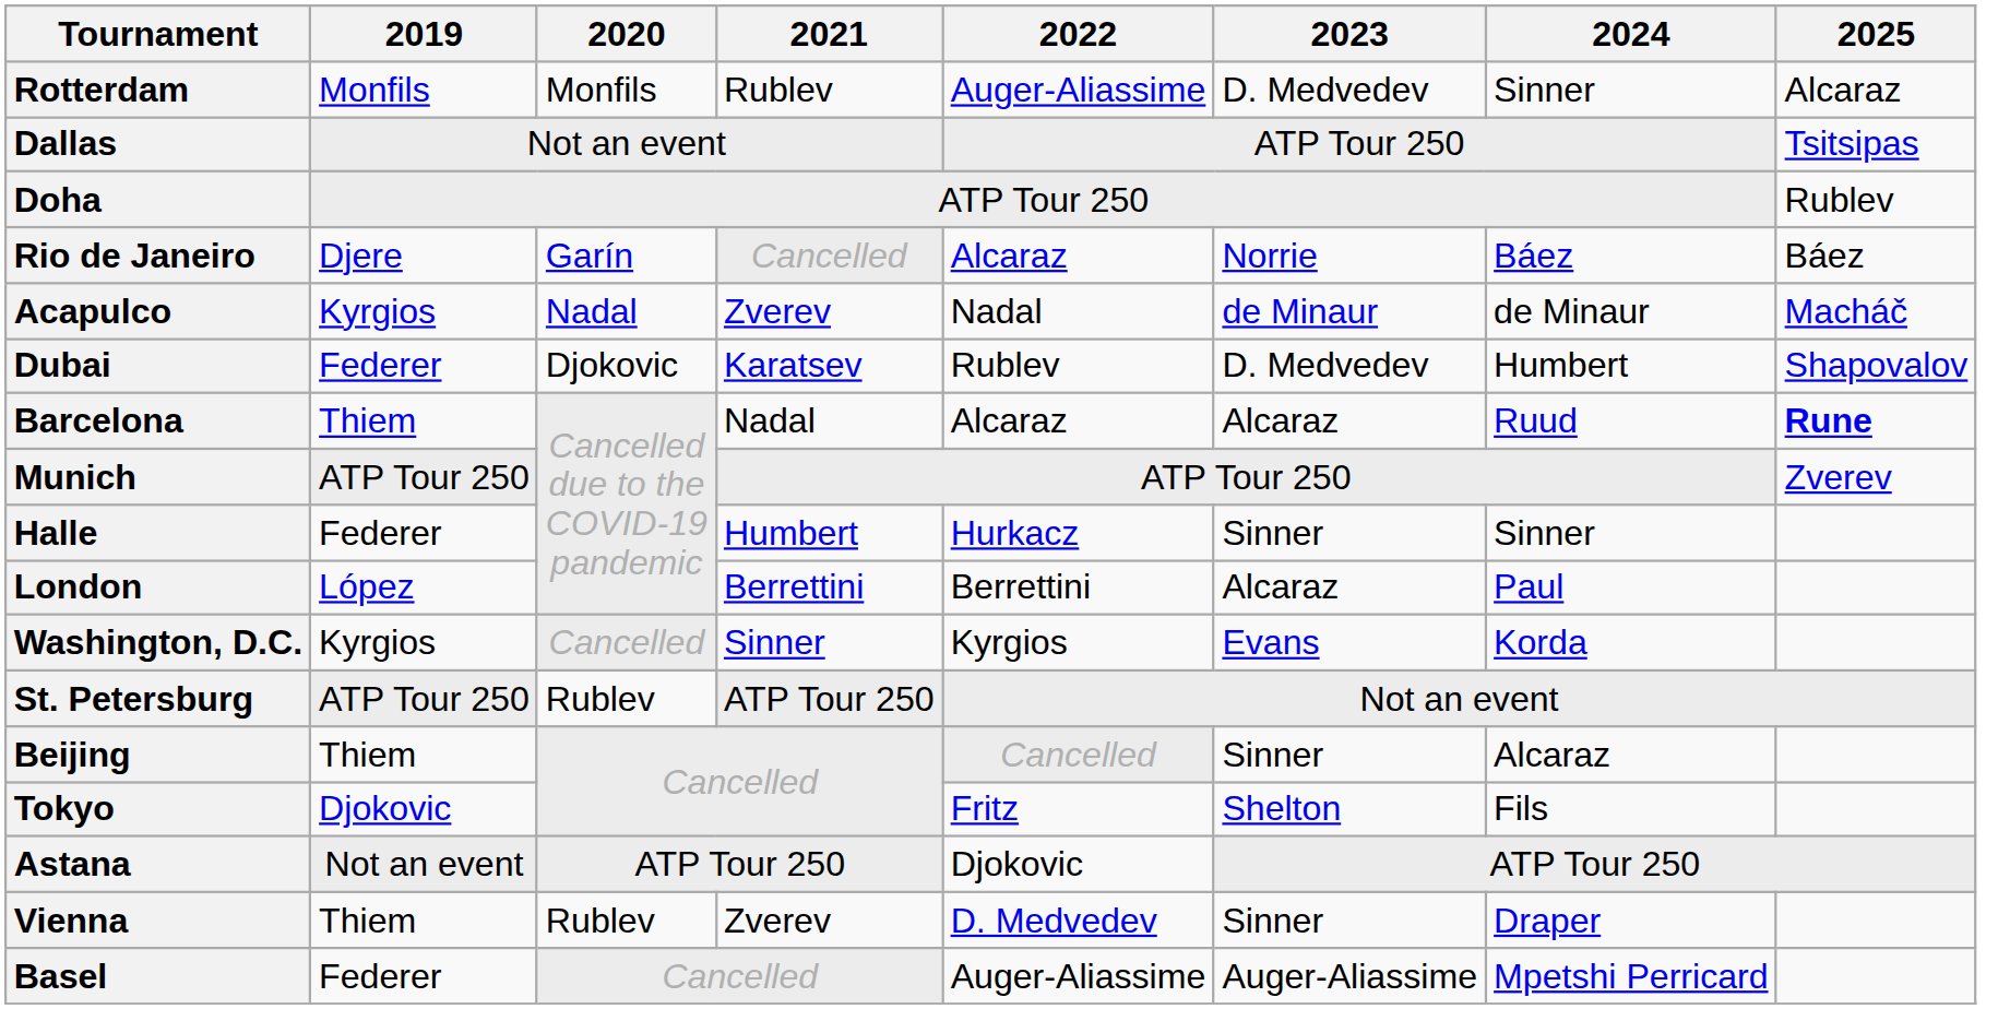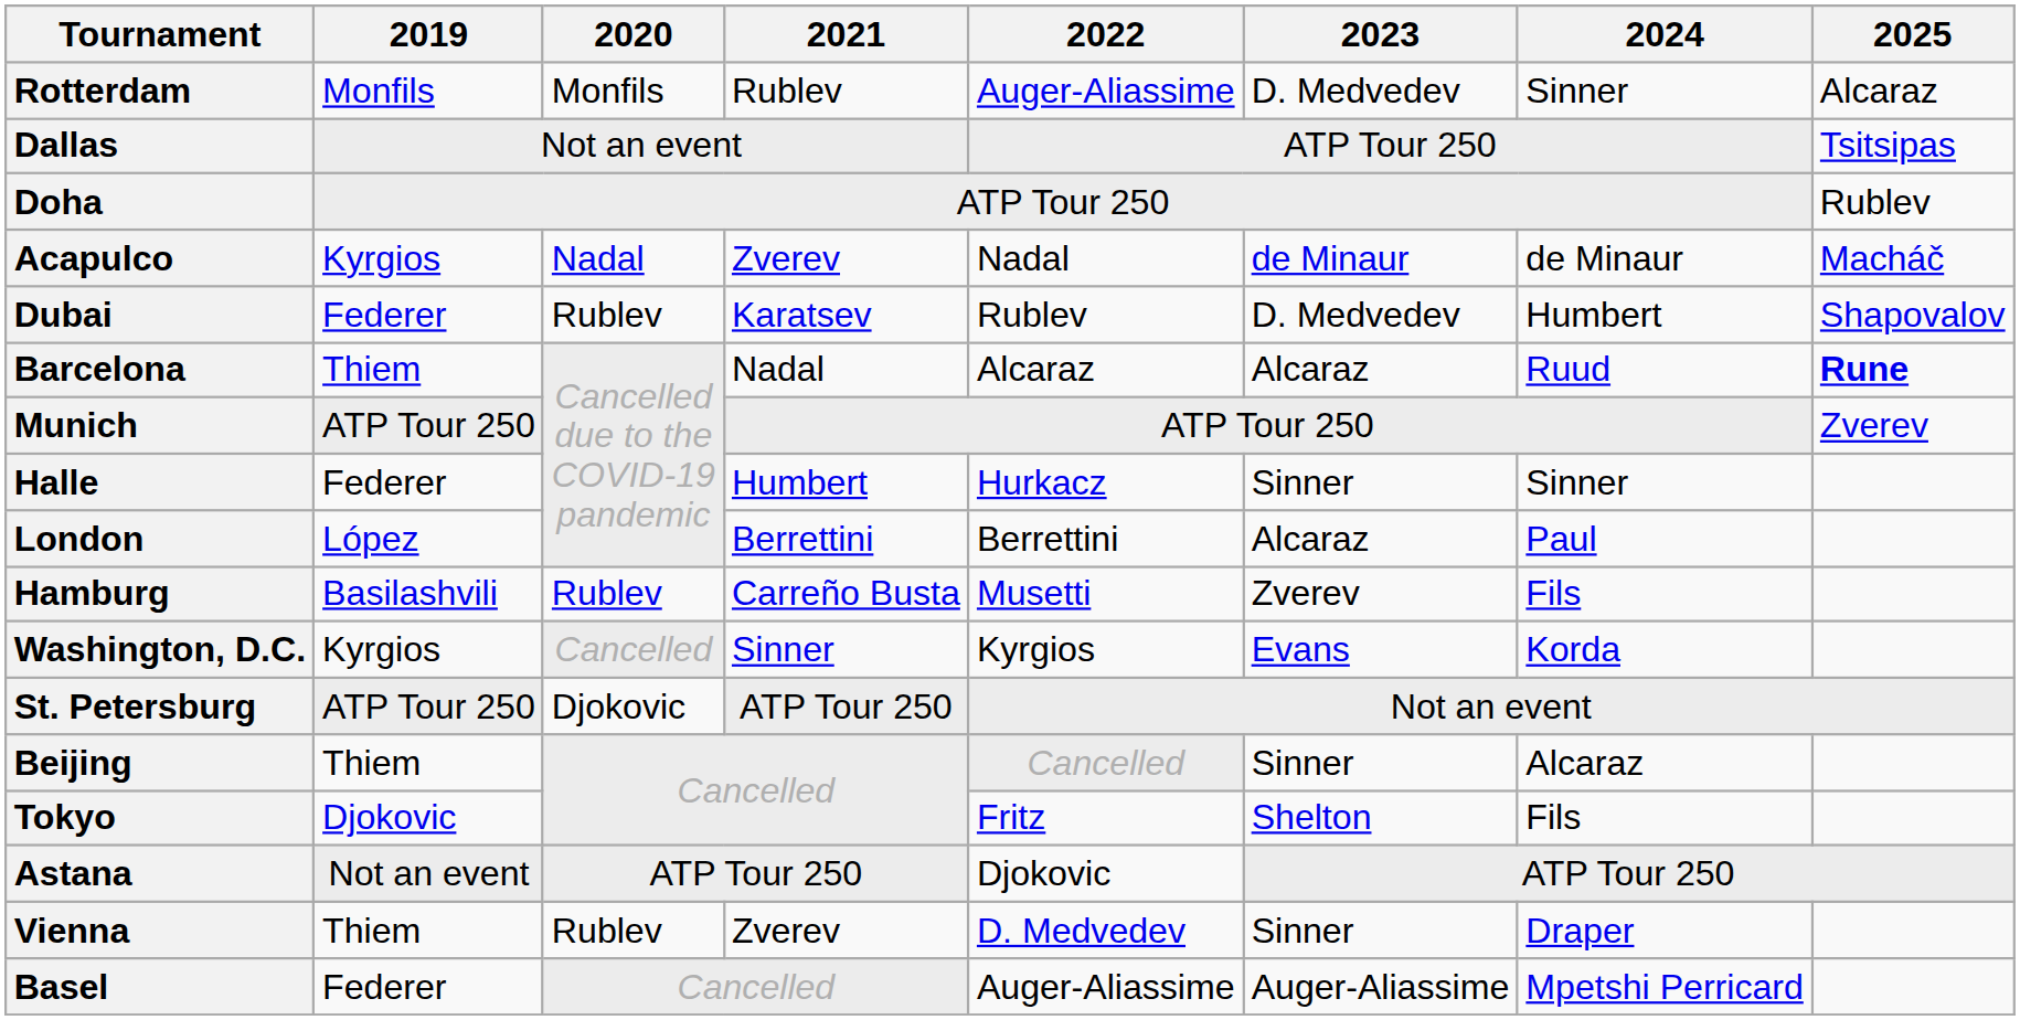 <table class="wikitable nowrap plainrowheaders" style="font-size:90%;">
 <tr style="background:#ececec;">
 <th>Tournament</th>
 <th>2019</th>
 <th>2020</th>
 <th>2021</th>
 <th>2022</th>
 <th>2023</th>
 <th>2024</th>
 <th>2025</th>
 </tr>
 <tr>
 <th style="text-align: left;">Rotterdam</th>
 <td> <a href='#'>Monfils</a></td>
 <td> Monfils</td>
 <td> Rublev</td>
 <td> <a href='#'>Auger-Aliassime</a></td>
 <td> D. Medvedev</td>
 <td> Sinner</td>
 <td> Alcaraz</td>
 </tr>
 <tr>
 <th style="text-align: left;">Dallas</th>
 <td bgcolor=#ececec colspan=3 align=center><span> Not an event</span></td>
 <td bgcolor=#ececec colspan=3 align=center><span> ATP Tour 250</span></td>
 <td> <a href='#'>Tsitsipas</a></td>
 </tr>
 <tr>
 <th style="text-align: left;">Doha</th>
 <td bgcolor=#ececec colspan=6 align=center><span> ATP Tour 250</span></td>
 <td> Rublev</td>
 </tr>
 <tr>
-<th style="text-align: left;">Rio de Janeiro</th>
-<td> <a href='#'>Djere</a></td>
-<td> <a href='#'>Garín</a></td>
-<td style="background:#ececec; color:#b0b0b0; text-align:center;"><em>Cancelled</em></td>
-<td> <a href='#'>Alcaraz</a></td>
-<td> <a href='#'>Norrie</a></td>
-<td> <a href='#'>Báez</a></td>
-<td> Báez</td>
-</tr>
-<tr>
 <th style="text-align: left;">Acapulco</th>
 <td> <a href='#'>Kyrgios</a></td>
 <td> <a href='#'>Nadal</a></td>
 <td> <a href='#'>Zverev</a></td>
 <td> Nadal</td>
 <td> <a href='#'>de Minaur</a></td>
 <td> de Minaur</td>
 <td> <a href='#'>Macháč</a></td>
 </tr>
 <tr>
 <th style="text-align: left;">Dubai</th>
 <td> <a href='#'>Federer</a></td>
-<td> Djokovic</td>
+<td> Rublev</td>
 <td> <a href='#'>Karatsev</a></td>
 <td> Rublev</td>
 <td> D. Medvedev</td>
 <td> Humbert</td>
 <td> <a href='#'>Shapovalov</a></td>
 </tr>
 <tr>
 <th style="text-align: left;">Barcelona</th>
 <td> <a href='#'>Thiem</a></td>
 <td rowspan="4" style="background:#ececec; color:#b0b0b0; text-align:center;"><em>Cancelled<br>due to the<br>COVID-19<br>pandemic</em></td>
 <td> Nadal</td>
 <td> Alcaraz</td>
 <td> Alcaraz</td>
 <td> <a href='#'>Ruud</a></td>
 <td><strong> <a href='#'>Rune</a></strong></td>
 </tr>
 <tr>
 <th style="text-align: left;">Munich</th>
 <td bgcolor=#ececec colspan=1 align=center><span> ATP Tour 250</span></td>
 <td bgcolor=#ececec colspan=4 align=center><span> ATP Tour 250</span></td>
 <td> <a href='#'>Zverev</a></td>
 </tr>
 <tr>
 <th style="text-align: left;">Halle</th>
 <td> Federer</td>
 <td> <a href='#'>Humbert</a></td>
 <td> <a href='#'>Hurkacz</a></td>
 <td> Sinner</td>
 <td> Sinner</td>
 <td></td>
 </tr>
 <tr>
 <th style="text-align: left;">London</th>
 <td> <a href='#'>López</a></td>
 <td> <a href='#'>Berrettini</a></td>
 <td> Berrettini</td>
 <td> Alcaraz</td>
 <td> <a href='#'>Paul</a></td>
 <td></td>
 </tr>
 <tr>
+<th style="text-align: left;">Hamburg</th>
+<td> <a href='#'>Basilashvili</a></td>
+<td> <a href='#'>Rublev</a></td>
+<td> <a href='#'>Carreño Busta</a></td>
+<td> <a href='#'>Musetti</a></td>
+<td> Zverev</td>
+<td> <a href='#'>Fils</a></td>
+<td></td>
+</tr>
+<tr>
 <th style="text-align: left;">Washington, D.C.</th>
 <td> Kyrgios</td>
 <td style="background:#ececec; color:#b0b0b0; text-align:center;"><em>Cancelled</em></td>
 <td> <a href='#'>Sinner</a></td>
 <td> Kyrgios</td>
 <td> <a href='#'>Evans</a></td>
 <td> <a href='#'>Korda</a></td>
 <td></td>
 </tr>
 <tr>
 <th style="text-align: left;">St. Petersburg</th>
 <td bgcolor=#ececec colspan=1 align=center><span> ATP Tour 250</span></td>
-<td> Rublev</td>
+<td> Djokovic</td>
 <td bgcolor=#ececec colspan=1 align=center><span> ATP Tour 250</span></td>
 <td bgcolor=#ececec colspan=4 align=center><span> Not an event</span></td>
 </tr>
 <tr>
 <th style="text-align: left;">Beijing</th>
 <td> Thiem</td>
 <td rowspan="2" colspan="2" style="background:#ececec; color:#b0b0b0; text-align:center;"><em>Cancelled</em></td>
 <td style="background:#ececec; color:#b0b0b0; text-align:center;"><em>Cancelled</em></td>
 <td> Sinner</td>
 <td> Alcaraz</td>
 <td></td>
 </tr>
 <tr>
 <th style="text-align: left;">Tokyo</th>
 <td> <a href='#'>Djokovic</a></td>
 <td> <a href='#'>Fritz</a></td>
 <td> <a href='#'>Shelton</a></td>
 <td> Fils</td>
 <td></td>
 </tr>
 <tr>
 <th style="text-align: left;">Astana</th>
 <td bgcolor=#ececec colspan=1 align=center><span> Not an event</span></td>
 <td bgcolor=#ececec colspan=2 align=center><span> ATP Tour 250</span></td>
 <td> Djokovic</td>
 <td bgcolor=#ececec colspan=3 align=center><span> ATP Tour 250</span></td>
 </tr>
 <tr>
 <th style="text-align: left;">Vienna</th>
 <td> Thiem</td>
 <td> Rublev</td>
 <td> Zverev</td>
 <td> <a href='#'>D. Medvedev</a></td>
 <td> Sinner</td>
 <td> <a href='#'>Draper</a></td>
 <td></td>
 </tr>
 <tr>
 <th style="text-align: left;">Basel</th>
 <td> Federer</td>
 <td colspan=2 style="background:#ececec; color:#b0b0b0; text-align:center;"><em>Cancelled</em></td>
 <td> Auger-Aliassime</td>
 <td> Auger-Aliassime</td>
 <td> <a href='#'>Mpetshi Perricard</a></td>
 <td></td>
 </tr>
 <tr>
 </tr>
 </table>
